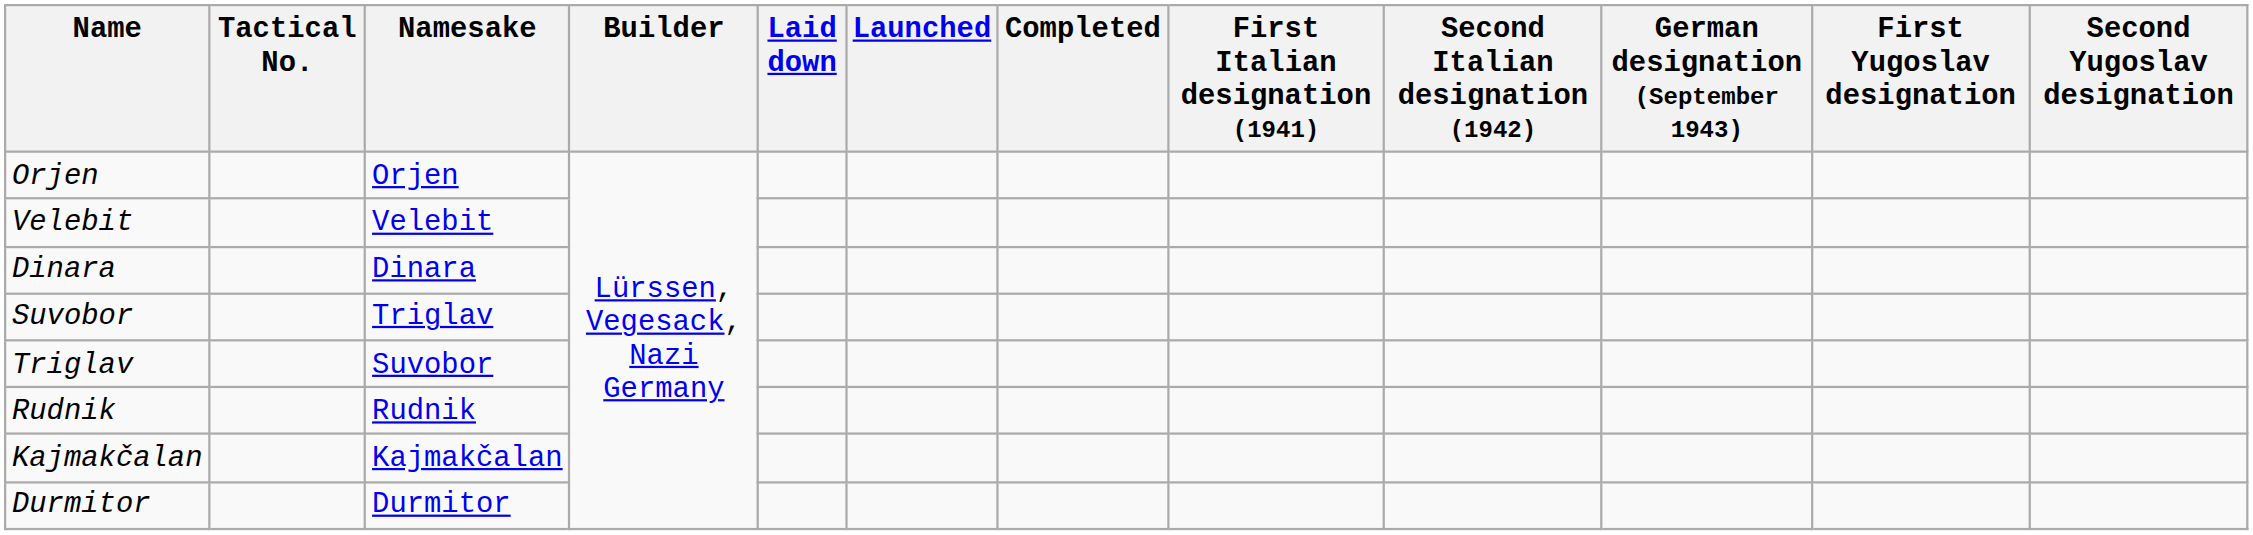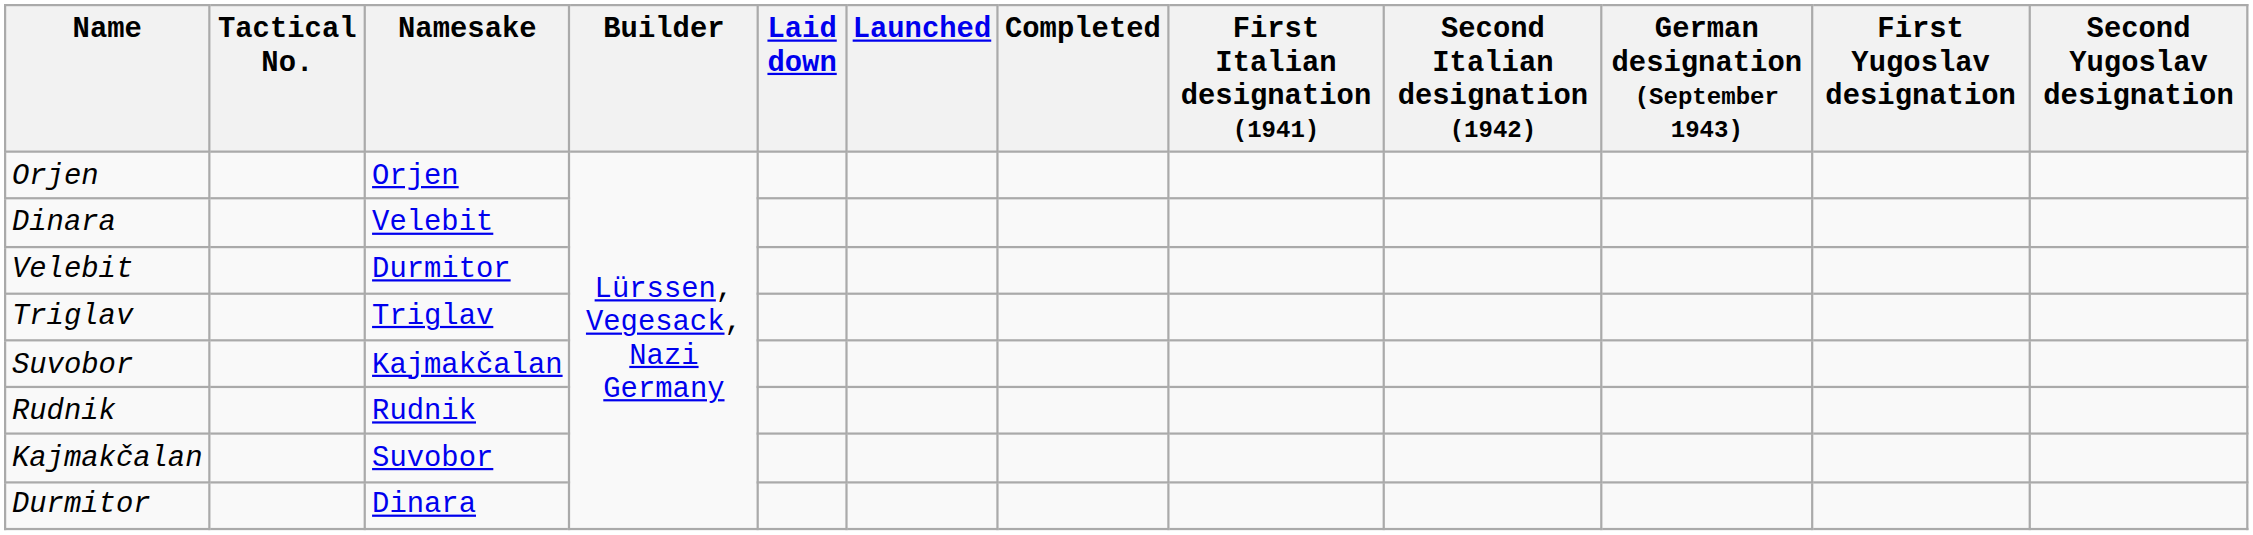 <table class=wikitable width=80%>
 <tr valign=top>
 <th>Name</th>
 <th>Tactical No.</th>
 <th>Namesake</th>
 <th>Builder</th>
 <th><a href='#'>Laid down</a></th>
 <th><a href='#'>Launched</a></th>
 <th>Completed</th>
 <th>First Italian designation<br><small>(1941)</small></th>
 <th>Second Italian designation<br><small>(1942)</small></th>
 <th>German designation<br><small>(September 1943)</small></th>
 <th>First Yugoslav designation</th>
 <th>Second Yugoslav designation</th>
 </tr>
 <tr valign=middle>
 <td><em>Orjen</em></td>
 <td></td>
 <td><a href='#'>Orjen</a></td>
 <td align=center rowspan=8><a href='#'>Lürssen</a>, <a href='#'>Vegesack</a>, <a href='#'>Nazi Germany</a></td>
 <td></td>
 <td></td>
 <td></td>
 <td></td>
 <td></td>
 <td></td>
 <td></td>
 <td></td>
 </tr>
 <tr valign=middle>
-<td><em>Velebit</em></td>
+<td><em>Dinara</em></td>
 <td></td>
 <td><a href='#'>Velebit</a></td>
 <td></td>
 <td></td>
 <td></td>
 <td></td>
 <td></td>
 <td></td>
 <td></td>
 <td></td>
 </tr>
 <tr valign=middle>
-<td><em>Dinara</em></td>
+<td><em>Velebit</em></td>
 <td></td>
-<td><a href='#'>Dinara</a></td>
+<td><a href='#'>Durmitor</a></td>
+<td></td>
+<td></td>
+<td></td>
+<td></td>
+<td></td>
+<td></td>
+<td></td>
+<td></td>
+</tr>
+<tr valign=middle>
+<td><em>Triglav</em></td>
+<td></td>
+<td><a href='#'>Triglav</a></td>
 <td></td>
 <td></td>
 <td></td>
 <td></td>
 <td></td>
 <td></td>
 <td></td>
 <td></td>
 </tr>
 <tr valign=middle>
 <td><em>Suvobor</em></td>
 <td></td>
-<td><a href='#'>Triglav</a></td>
-<td></td>
-<td></td>
-<td></td>
-<td></td>
-<td></td>
-<td></td>
-<td></td>
-<td></td>
-</tr>
-<tr valign=middle>
-<td><em>Triglav</em></td>
-<td></td>
-<td><a href='#'>Suvobor</a></td>
+<td><a href='#'>Kajmakčalan</a></td>
 <td></td>
 <td></td>
 <td></td>
 <td></td>
 <td></td>
 <td></td>
 <td></td>
 <td></td>
 </tr>
 <tr valign=middle>
 <td><em>Rudnik</em></td>
 <td></td>
 <td><a href='#'>Rudnik</a></td>
 <td></td>
 <td></td>
 <td></td>
 <td></td>
 <td></td>
 <td></td>
 <td></td>
 <td></td>
 </tr>
 <tr valign=middle>
 <td><em>Kajmakčalan</em></td>
 <td></td>
-<td><a href='#'>Kajmakčalan</a></td>
+<td><a href='#'>Suvobor</a></td>
 <td></td>
 <td></td>
 <td></td>
 <td></td>
 <td></td>
 <td></td>
 <td></td>
 <td></td>
 </tr>
 <tr valign=middle>
 <td><em>Durmitor</em></td>
 <td></td>
-<td><a href='#'>Durmitor</a></td>
+<td><a href='#'>Dinara</a></td>
 <td></td>
 <td></td>
 <td></td>
 <td></td>
 <td></td>
 <td></td>
 <td></td>
 <td></td>
 </tr>
 </table>
